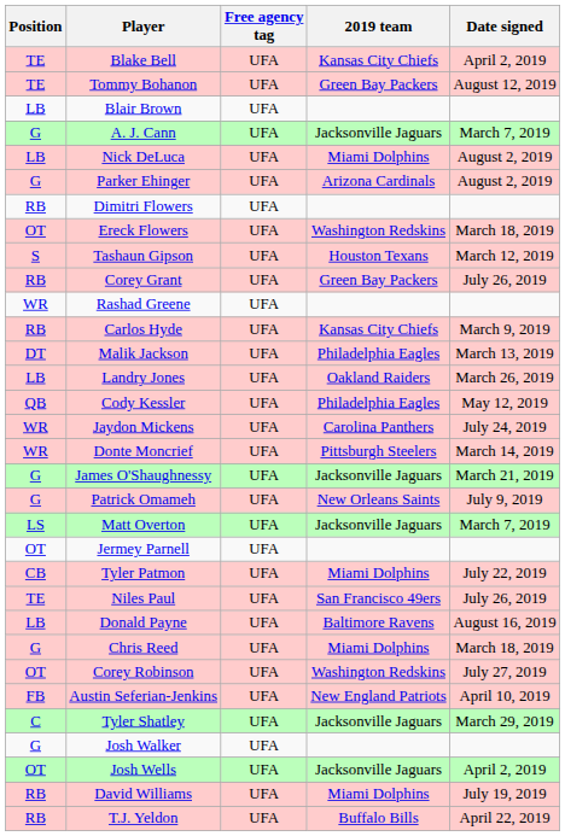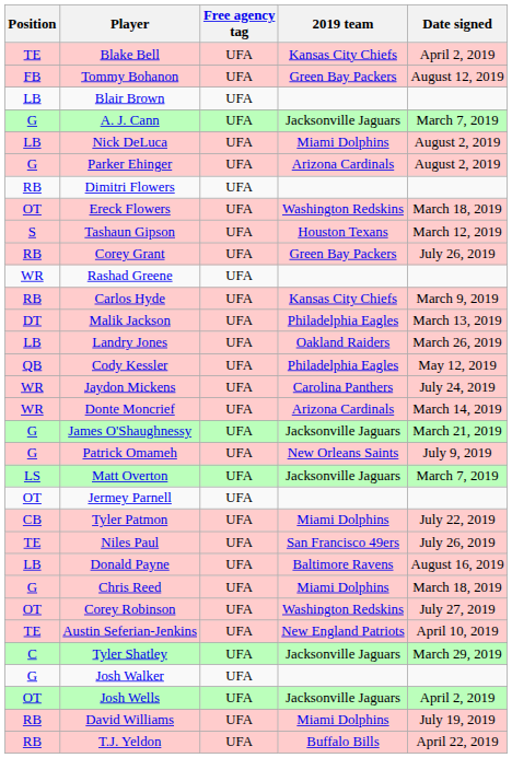 <table class="wikitable" style=text-align:center>
 <tr>
 <th>Position</th>
 <th>Player</th>
 <th><a href='#'><span>Free agency</span></a><br>tag</th>
 <th>2019 team</th>
 <th>Date signed</th>
 </tr>
 <tr style="background:#fcc">
 <td><a href='#'>TE</a></td>
 <td><a href='#'>Blake Bell</a></td>
 <td>UFA</td>
 <td><a href='#'>Kansas City Chiefs</a></td>
 <td>April 2, 2019</td>
 </tr>
 <tr style="background:#fcc">
-<td><a href='#'>TE</a></td>
+<td><a href='#'>FB</a></td>
 <td><a href='#'>Tommy Bohanon</a></td>
 <td>UFA</td>
 <td><a href='#'>Green Bay Packers</a></td>
 <td>August 12, 2019</td>
 </tr>
 <tr>
 <td><a href='#'>LB</a></td>
 <td><a href='#'>Blair Brown</a></td>
 <td>UFA</td>
 <td></td>
 <td></td>
 </tr>
 <tr style="background:#bfb">
 <td><a href='#'>G</a></td>
 <td><a href='#'>A. J. Cann</a></td>
 <td>UFA</td>
 <td>Jacksonville Jaguars</td>
 <td>March 7, 2019</td>
 </tr>
 <tr style="background:#fcc">
 <td><a href='#'>LB</a></td>
 <td><a href='#'>Nick DeLuca</a></td>
 <td>UFA</td>
 <td><a href='#'>Miami Dolphins</a></td>
 <td>August 2, 2019</td>
 </tr>
 <tr style="background:#fcc">
 <td><a href='#'>G</a></td>
 <td><a href='#'>Parker Ehinger</a></td>
 <td>UFA</td>
 <td><a href='#'>Arizona Cardinals</a></td>
 <td>August 2, 2019</td>
 </tr>
 <tr>
 <td><a href='#'>RB</a></td>
 <td><a href='#'>Dimitri Flowers</a></td>
 <td>UFA</td>
 <td></td>
 <td></td>
 </tr>
 <tr style="background:#fcc">
 <td><a href='#'>OT</a></td>
 <td><a href='#'>Ereck Flowers</a></td>
 <td>UFA</td>
 <td><a href='#'>Washington Redskins</a></td>
 <td>March 18, 2019</td>
 </tr>
 <tr style="background:#fcc">
 <td><a href='#'>S</a></td>
 <td><a href='#'>Tashaun Gipson</a></td>
 <td>UFA</td>
 <td><a href='#'>Houston Texans</a></td>
 <td>March 12, 2019</td>
 </tr>
 <tr style="background:#fcc">
 <td><a href='#'>RB</a></td>
 <td><a href='#'>Corey Grant</a></td>
 <td>UFA</td>
 <td><a href='#'>Green Bay Packers</a></td>
 <td>July 26, 2019</td>
 </tr>
 <tr>
 <td><a href='#'>WR</a></td>
 <td><a href='#'>Rashad Greene</a></td>
 <td>UFA</td>
 <td></td>
 <td></td>
 </tr>
 <tr style="background:#fcc">
 <td><a href='#'>RB</a></td>
 <td><a href='#'>Carlos Hyde</a></td>
 <td>UFA</td>
 <td><a href='#'>Kansas City Chiefs</a></td>
 <td>March 9, 2019</td>
 </tr>
 <tr style="background:#fcc">
 <td><a href='#'>DT</a></td>
 <td><a href='#'>Malik Jackson</a></td>
 <td>UFA</td>
 <td><a href='#'>Philadelphia Eagles</a></td>
 <td>March 13, 2019</td>
 </tr>
 <tr style="background:#fcc">
 <td><a href='#'>LB</a></td>
 <td><a href='#'>Landry Jones</a></td>
 <td>UFA</td>
 <td><a href='#'>Oakland Raiders</a></td>
 <td>March 26, 2019</td>
 </tr>
 <tr style="background:#fcc">
 <td><a href='#'>QB</a></td>
 <td><a href='#'>Cody Kessler</a></td>
 <td>UFA</td>
 <td><a href='#'>Philadelphia Eagles</a></td>
 <td>May 12, 2019</td>
 </tr>
 <tr style="background:#fcc">
 <td><a href='#'>WR</a></td>
 <td><a href='#'>Jaydon Mickens</a></td>
 <td>UFA</td>
 <td><a href='#'>Carolina Panthers</a></td>
 <td>July 24, 2019</td>
 </tr>
 <tr style="background:#fcc">
 <td><a href='#'>WR</a></td>
 <td><a href='#'>Donte Moncrief</a></td>
 <td>UFA</td>
-<td><a href='#'>Pittsburgh Steelers</a></td>
+<td><a href='#'>Arizona Cardinals</a></td>
 <td>March 14, 2019</td>
 </tr>
 <tr style="background:#bfb">
 <td><a href='#'>G</a></td>
 <td><a href='#'>James O'Shaughnessy</a></td>
 <td>UFA</td>
 <td>Jacksonville Jaguars</td>
 <td>March 21, 2019</td>
 </tr>
 <tr style="background:#fcc">
 <td><a href='#'>G</a></td>
 <td><a href='#'>Patrick Omameh</a></td>
 <td>UFA</td>
 <td><a href='#'>New Orleans Saints</a></td>
 <td>July 9, 2019</td>
 </tr>
 <tr style="background:#bfb">
 <td><a href='#'>LS</a></td>
 <td><a href='#'>Matt Overton</a></td>
 <td>UFA</td>
 <td>Jacksonville Jaguars</td>
 <td>March 7, 2019</td>
 </tr>
 <tr>
 <td><a href='#'>OT</a></td>
 <td><a href='#'>Jermey Parnell</a></td>
 <td>UFA</td>
 <td></td>
 <td></td>
 </tr>
 <tr style="background:#fcc">
 <td><a href='#'>CB</a></td>
 <td><a href='#'>Tyler Patmon</a></td>
 <td>UFA</td>
 <td><a href='#'>Miami Dolphins</a></td>
 <td>July 22, 2019</td>
 </tr>
 <tr style="background:#fcc">
 <td><a href='#'>TE</a></td>
 <td><a href='#'>Niles Paul</a></td>
 <td>UFA</td>
 <td><a href='#'>San Francisco 49ers</a></td>
 <td>July 26, 2019</td>
 </tr>
 <tr style="background:#fcc">
 <td><a href='#'>LB</a></td>
 <td><a href='#'>Donald Payne</a></td>
 <td>UFA</td>
 <td><a href='#'>Baltimore Ravens</a></td>
 <td>August 16, 2019</td>
 </tr>
 <tr style="background:#fcc">
 <td><a href='#'>G</a></td>
 <td><a href='#'>Chris Reed</a></td>
 <td>UFA</td>
 <td><a href='#'>Miami Dolphins</a></td>
 <td>March 18, 2019</td>
 </tr>
 <tr style="background:#fcc">
 <td><a href='#'>OT</a></td>
 <td><a href='#'>Corey Robinson</a></td>
 <td>UFA</td>
 <td><a href='#'>Washington Redskins</a></td>
 <td>July 27, 2019</td>
 </tr>
 <tr style="background:#fcc">
-<td><a href='#'>FB</a></td>
+<td><a href='#'>TE</a></td>
 <td><a href='#'>Austin Seferian-Jenkins</a></td>
 <td>UFA</td>
 <td><a href='#'>New England Patriots</a></td>
 <td>April 10, 2019</td>
 </tr>
 <tr style="background:#bfb">
 <td><a href='#'>C</a></td>
 <td><a href='#'>Tyler Shatley</a></td>
 <td>UFA</td>
 <td>Jacksonville Jaguars</td>
 <td>March 29, 2019</td>
 </tr>
 <tr>
 <td><a href='#'>G</a></td>
 <td><a href='#'>Josh Walker</a></td>
 <td>UFA</td>
 <td></td>
 <td></td>
 </tr>
 <tr style="background:#bfb">
 <td><a href='#'>OT</a></td>
 <td><a href='#'>Josh Wells</a></td>
 <td>UFA</td>
 <td>Jacksonville Jaguars</td>
 <td>April 2, 2019</td>
 </tr>
 <tr style="background:#fcc">
 <td><a href='#'>RB</a></td>
 <td><a href='#'>David Williams</a></td>
 <td>UFA</td>
 <td><a href='#'>Miami Dolphins</a></td>
 <td>July 19, 2019</td>
 </tr>
 <tr style="background:#fcc">
 <td><a href='#'>RB</a></td>
 <td><a href='#'>T.J. Yeldon</a></td>
 <td>UFA</td>
 <td><a href='#'>Buffalo Bills</a></td>
 <td>April 22, 2019</td>
 </tr>
 </table>
